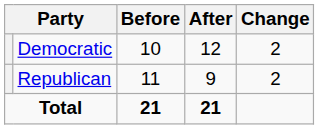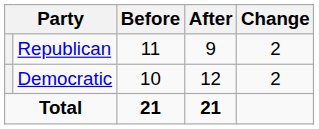 <table class="wikitable" style="text-align:center;">
 <tr>
 <th colspan="2">Party</th>
 <th>Before</th>
 <th>After</th>
 <th>Change</th>
 </tr>
 <tr>
 <th style="background-color:"></th>
-<td style="text-align:left;"><a href='#'>Democratic</a></td>
-<td>10</td>
-<td>12</td>
+<td style="text-align:left;"><a href='#'>Republican</a></td>
+<td>11</td>
+<td>9</td>
 <td> 2</td>
 </tr>
 <tr>
 <th style="background-color:"></th>
-<td style="text-align:left;"><a href='#'>Republican</a></td>
-<td>11</td>
-<td>9</td>
+<td style="text-align:left;"><a href='#'>Democratic</a></td>
+<td>10</td>
+<td>12</td>
 <td> 2</td>
 </tr>
 <tr>
 <td colspan="2"><strong>Total</strong></td>
 <td><strong>21</strong></td>
 <td><strong>21</strong></td>
 <td></td>
 </tr>
 </table>
